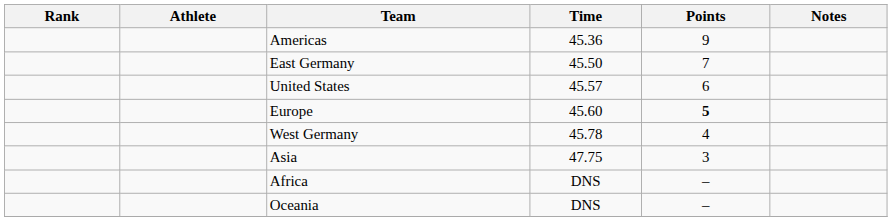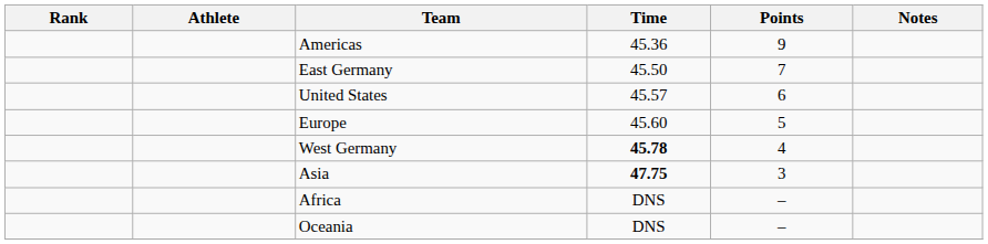 <table class="wikitable sortable" style="text-align:center" width="60%">
 <tr>
 <th>Rank</th>
 <th>Athlete</th>
 <th>Team</th>
 <th>Time</th>
 <th>Points</th>
 <th>Notes</th>
 </tr>
 <tr>
 <td></td>
 <td align="left"></td>
 <td align=left>Americas</td>
 <td>45.36</td>
 <td>9</td>
 <td></td>
 </tr>
 <tr>
 <td></td>
 <td align="left"></td>
 <td align=left>East Germany</td>
 <td>45.50</td>
 <td>7</td>
 <td></td>
 </tr>
 <tr>
 <td></td>
 <td align="left"></td>
 <td align=left>United States</td>
 <td>45.57</td>
 <td>6</td>
 <td></td>
 </tr>
 <tr>
 <td></td>
 <td align="left"></td>
 <td align=left>Europe</td>
 <td>45.60</td>
-<td><strong>5</strong></td>
+<td>5</td>
 <td></td>
 </tr>
 <tr>
 <td></td>
 <td align="left"></td>
 <td align=left>West Germany</td>
-<td>45.78</td>
+<td><strong>45.78</strong></td>
 <td>4</td>
 <td></td>
 </tr>
 <tr>
 <td></td>
 <td align="left"></td>
 <td align=left>Asia</td>
-<td>47.75</td>
+<td><strong>47.75</strong></td>
 <td>3</td>
 <td></td>
 </tr>
 <tr>
 <td></td>
 <td align="left"></td>
 <td align=left>Africa</td>
 <td>DNS</td>
 <td>–</td>
 <td></td>
 </tr>
 <tr>
 <td></td>
 <td align="left"></td>
 <td align=left>Oceania</td>
 <td>DNS</td>
 <td>–</td>
 <td></td>
 </tr>
 <tr>
 </tr>
 </table>
